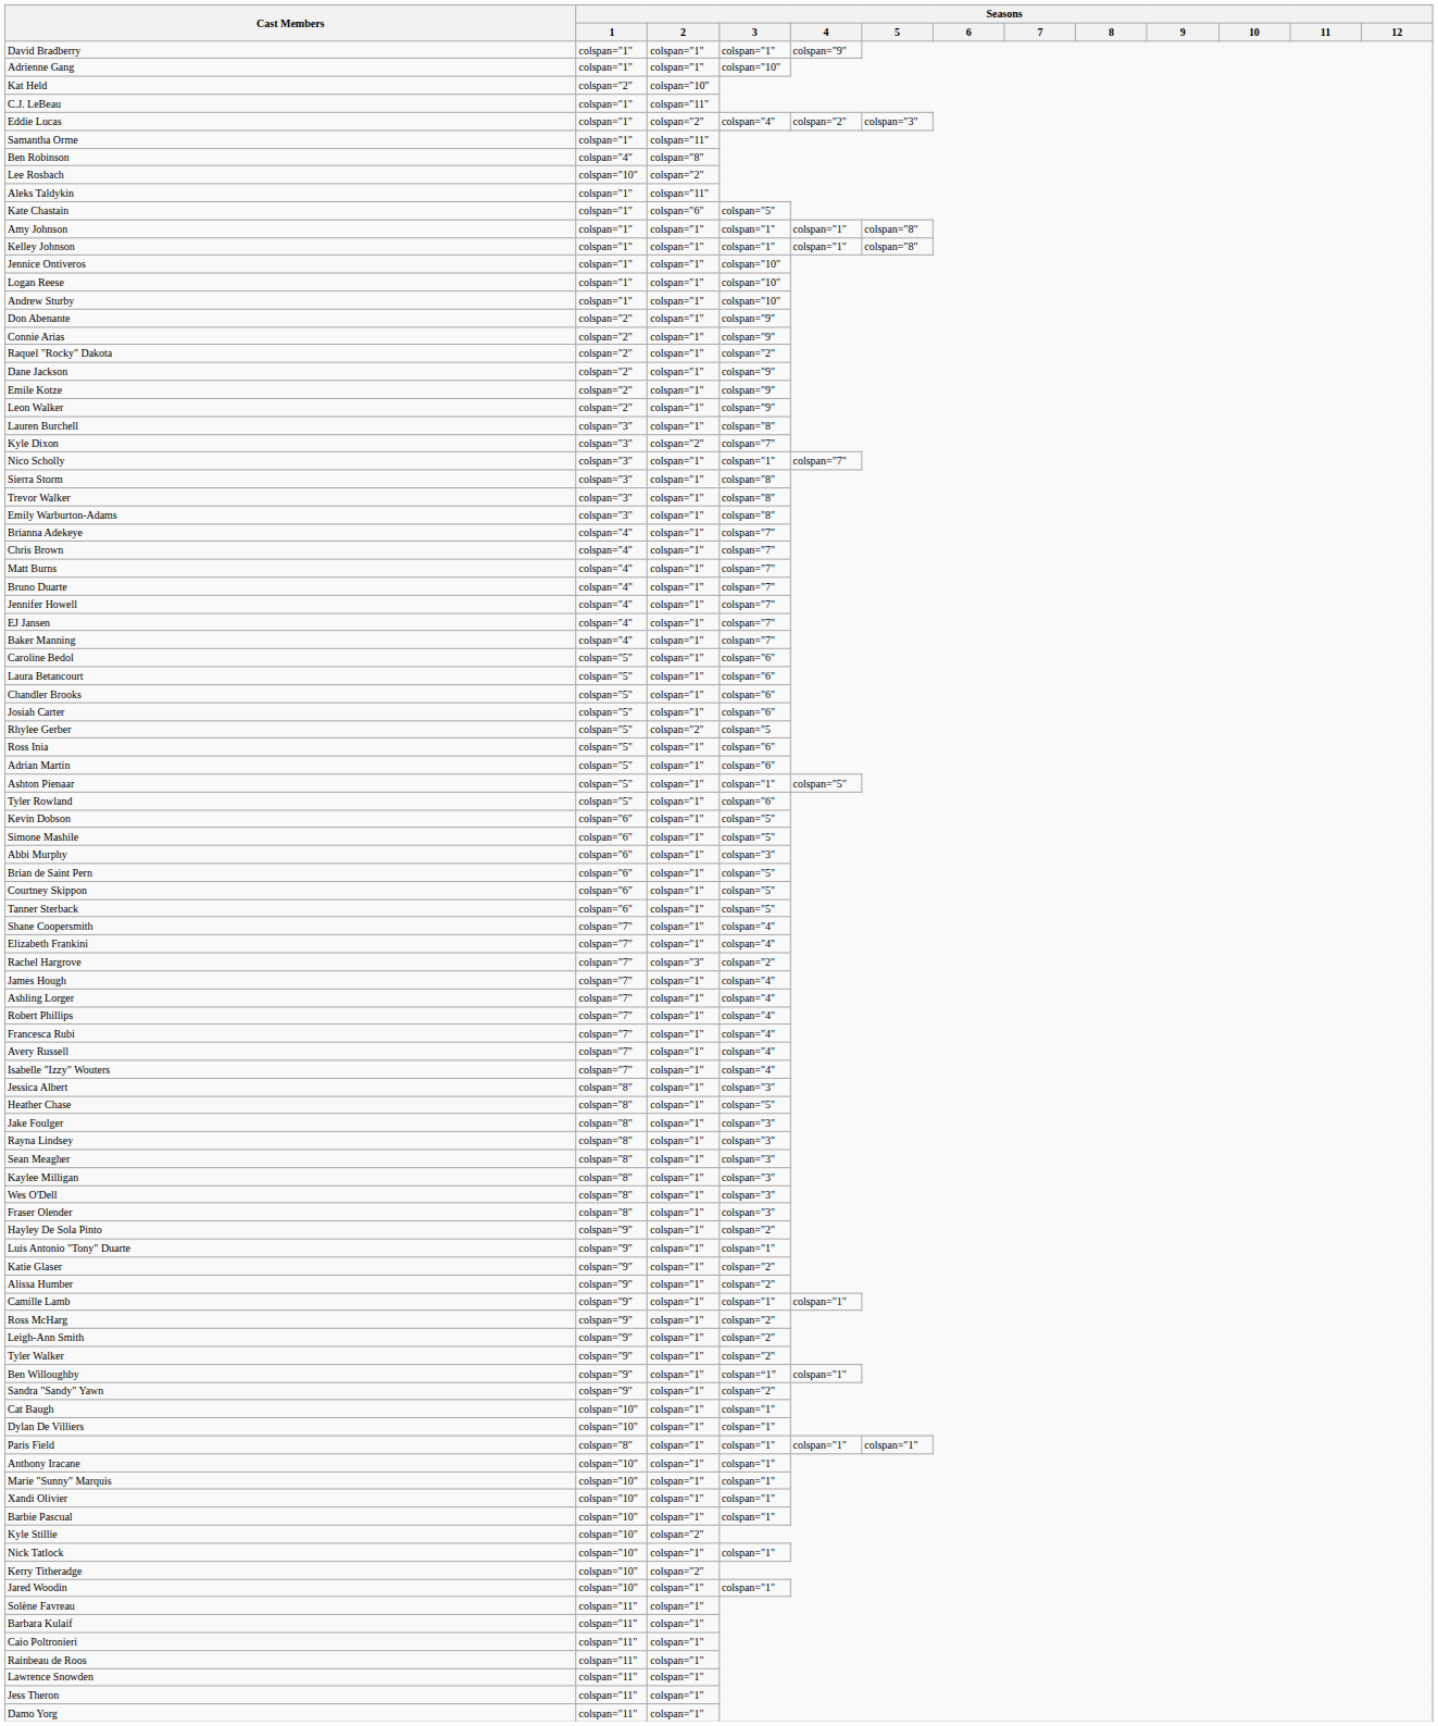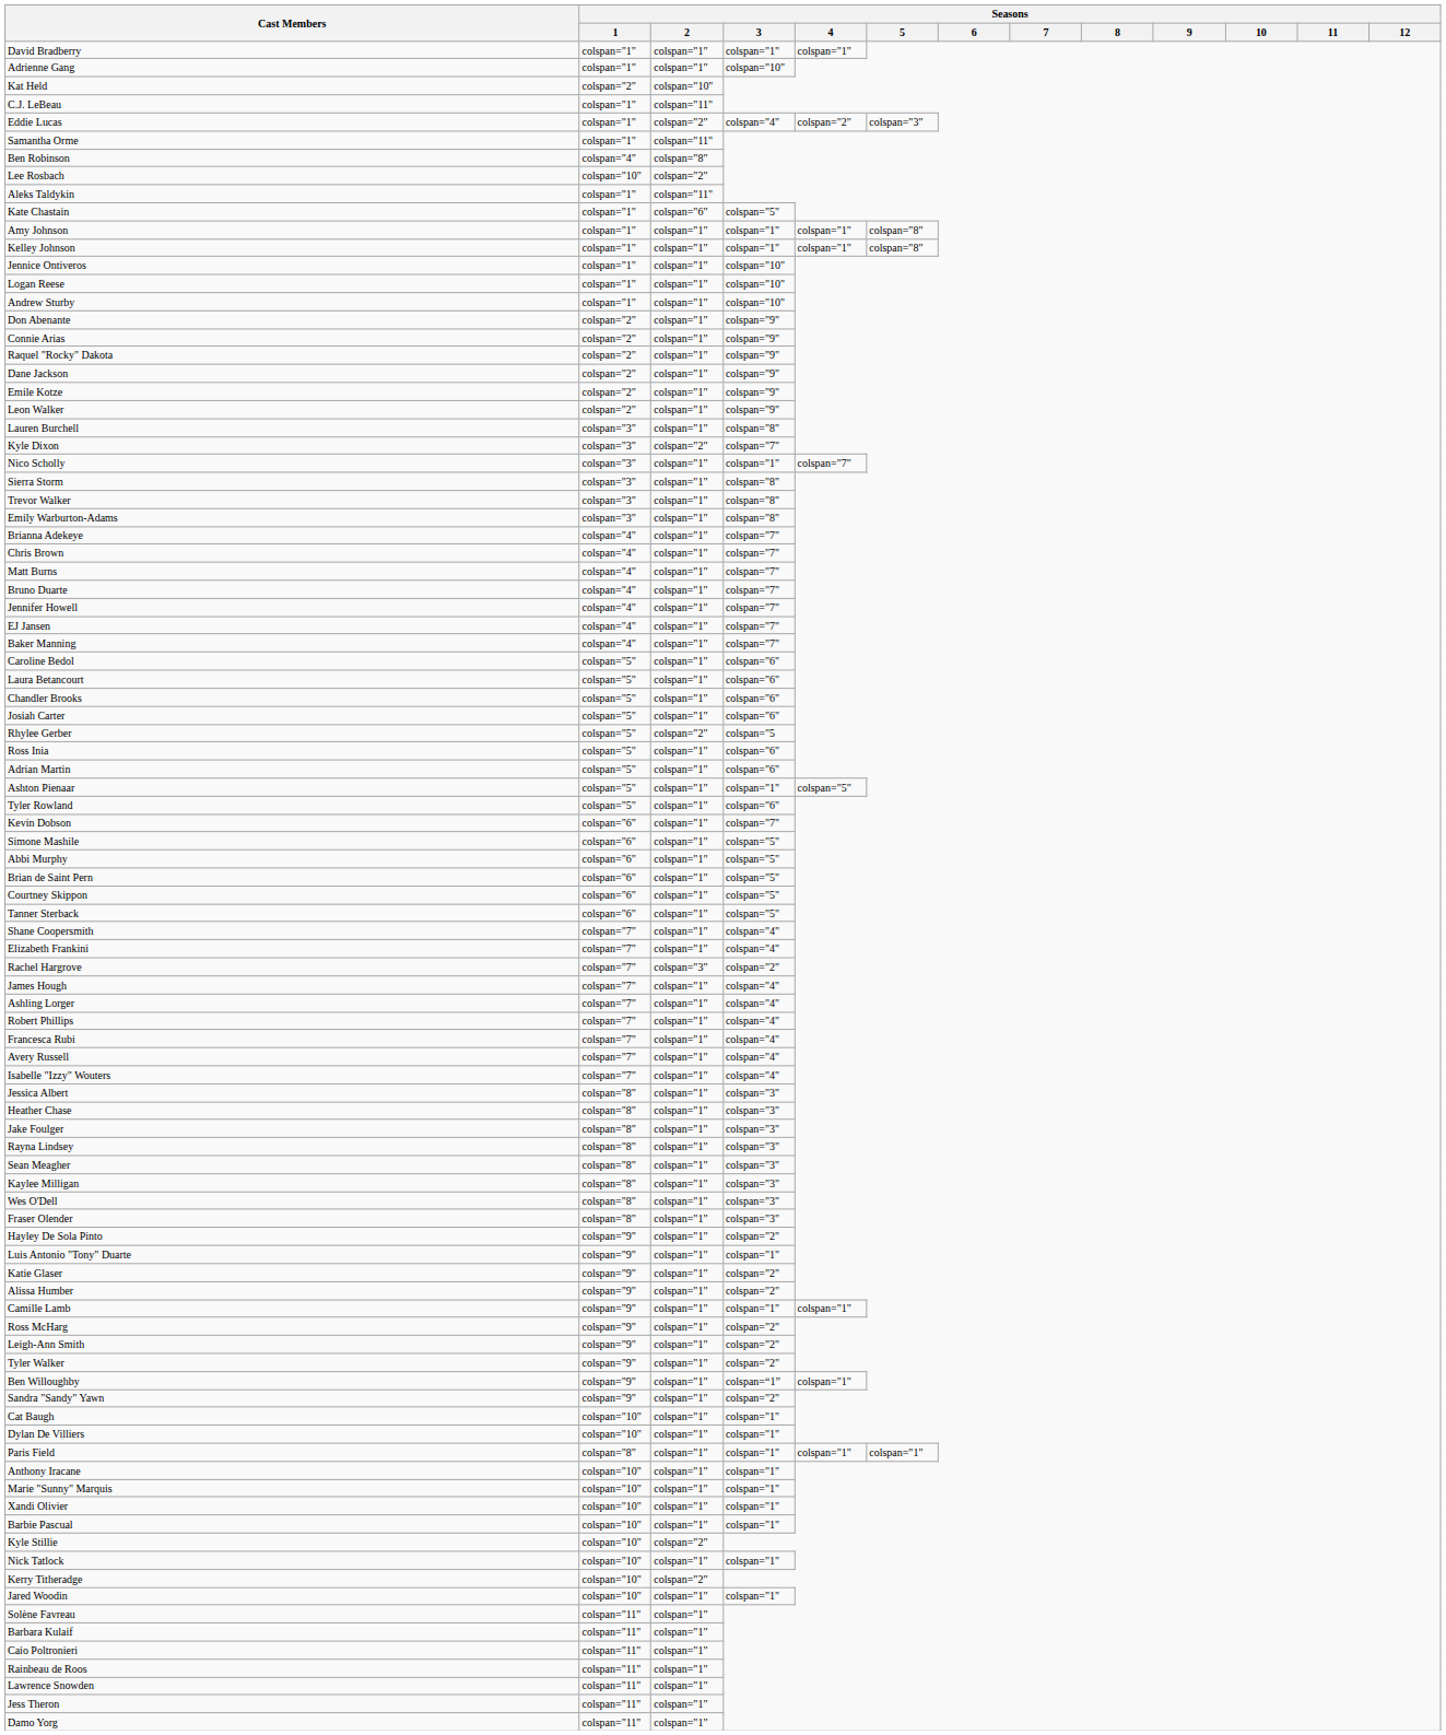 <table class="wikitable sortable" width="100%" style="font-size:60%">
 <tr>
 <th rowspan="2">Cast Members</th>
 <th colspan="12">Seasons</th>
 </tr>
 <tr>
 <th style="width:5%;">1</th>
 <th style="width:5%;">2</th>
 <th style="width:5%;">3</th>
 <th style="width:5%;">4</th>
 <th style="width:5%;">5</th>
 <th style="width:5%;">6</th>
 <th style="width:5%;">7</th>
 <th style="width:5%;">8</th>
 <th style="width:5%;">9</th>
 <th style="width:5%;">10</th>
 <th style="width:5%;">11</th>
 <th style="width:5%;">12</th>
 </tr>
 <tr>
 <td>David Bradberry</td>
 <td>colspan="1" </td>
 <td>colspan="1" </td>
 <td>colspan="1" </td>
-<td>colspan="9" </td>
+<td>colspan="1" </td>
 </tr>
 <tr>
 <td>Adrienne Gang</td>
 <td>colspan="1" </td>
 <td>colspan="1" </td>
 <td>colspan="10" </td>
 </tr>
 <tr>
 <td>Kat Held</td>
 <td>colspan="2" </td>
 <td>colspan="10" </td>
 </tr>
 <tr>
 <td>C.J. LeBeau</td>
 <td>colspan="1" </td>
 <td>colspan="11" </td>
 </tr>
 <tr>
 <td>Eddie Lucas</td>
 <td>colspan="1" </td>
 <td>colspan="2" </td>
 <td>colspan="4" </td>
 <td>colspan="2" </td>
 <td>colspan="3" </td>
 </tr>
 <tr>
 <td>Samantha Orme</td>
 <td>colspan="1" </td>
 <td>colspan="11" </td>
 </tr>
 <tr>
 <td>Ben Robinson</td>
 <td>colspan="4" </td>
 <td>colspan="8" </td>
 </tr>
 <tr>
 <td>Lee Rosbach</td>
 <td>colspan="10" </td>
 <td>colspan="2" </td>
 </tr>
 <tr>
 <td>Aleks Taldykin</td>
 <td>colspan="1" </td>
 <td>colspan="11" </td>
 </tr>
 <tr>
 <td>Kate Chastain</td>
 <td>colspan="1" </td>
 <td>colspan="6" </td>
 <td>colspan="5" </td>
 </tr>
 <tr>
 <td>Amy Johnson</td>
 <td>colspan="1" </td>
 <td>colspan="1" </td>
 <td>colspan="1" </td>
 <td>colspan="1" </td>
 <td>colspan="8" </td>
 </tr>
 <tr>
 <td>Kelley Johnson</td>
 <td>colspan="1" </td>
 <td>colspan="1" </td>
 <td>colspan="1" </td>
 <td>colspan="1" </td>
 <td>colspan="8" </td>
 </tr>
 <tr>
 <td>Jennice Ontiveros</td>
 <td>colspan="1" </td>
 <td>colspan="1" </td>
 <td>colspan="10" </td>
 </tr>
 <tr>
 <td>Logan Reese</td>
 <td>colspan="1" </td>
 <td>colspan="1" </td>
 <td>colspan="10" </td>
 </tr>
 <tr>
 <td>Andrew Sturby</td>
 <td>colspan="1" </td>
 <td>colspan="1" </td>
 <td>colspan="10" </td>
 </tr>
 <tr>
 <td>Don Abenante</td>
 <td>colspan="2" </td>
 <td>colspan="1" </td>
 <td>colspan="9" </td>
 </tr>
 <tr>
 <td>Connie Arias</td>
 <td>colspan="2" </td>
 <td>colspan="1" </td>
 <td>colspan="9" </td>
 </tr>
 <tr>
 <td>Raquel "Rocky" Dakota</td>
 <td>colspan="2" </td>
 <td>colspan="1" </td>
-<td>colspan="2" </td>
+<td>colspan="9" </td>
 </tr>
 <tr>
 <td>Dane Jackson</td>
 <td>colspan="2" </td>
 <td>colspan="1" </td>
 <td>colspan="9" </td>
 </tr>
 <tr>
 <td>Emile Kotze</td>
 <td>colspan="2" </td>
 <td>colspan="1" </td>
 <td>colspan="9" </td>
 </tr>
 <tr>
 <td>Leon Walker</td>
 <td>colspan="2" </td>
 <td>colspan="1" </td>
 <td>colspan="9" </td>
 </tr>
 <tr>
 <td>Lauren Burchell</td>
 <td>colspan="3" </td>
 <td>colspan="1" </td>
 <td>colspan="8" </td>
 </tr>
 <tr>
 <td>Kyle Dixon</td>
 <td>colspan="3" </td>
 <td>colspan="2" </td>
 <td>colspan="7" </td>
 </tr>
 <tr>
 <td>Nico Scholly</td>
 <td>colspan="3" </td>
 <td>colspan="1" </td>
 <td>colspan="1" </td>
 <td>colspan="7" </td>
 </tr>
 <tr>
 <td>Sierra Storm</td>
 <td>colspan="3" </td>
 <td>colspan="1" </td>
 <td>colspan="8" </td>
 </tr>
 <tr>
 <td>Trevor Walker</td>
 <td>colspan="3" </td>
 <td>colspan="1" </td>
 <td>colspan="8" </td>
 </tr>
 <tr>
 <td nowrap>Emily Warburton-Adams</td>
 <td>colspan="3" </td>
 <td>colspan="1" </td>
 <td>colspan="8" </td>
 </tr>
 <tr>
 <td>Brianna Adekeye</td>
 <td>colspan="4" </td>
 <td>colspan="1" </td>
 <td>colspan="7" </td>
 </tr>
 <tr>
 <td>Chris Brown</td>
 <td>colspan="4" </td>
 <td>colspan="1" </td>
 <td>colspan="7" </td>
 </tr>
 <tr>
 <td>Matt Burns</td>
 <td>colspan="4" </td>
 <td>colspan="1" </td>
 <td>colspan="7" </td>
 </tr>
 <tr>
 <td>Bruno Duarte</td>
 <td>colspan="4" </td>
 <td>colspan="1" </td>
 <td>colspan="7" </td>
 </tr>
 <tr>
 <td>Jennifer Howell</td>
 <td>colspan="4" </td>
 <td>colspan="1" </td>
 <td>colspan="7" </td>
 </tr>
 <tr>
 <td>EJ Jansen</td>
 <td>colspan="4" </td>
 <td>colspan="1" </td>
 <td>colspan="7" </td>
 </tr>
 <tr>
 <td>Baker Manning</td>
 <td>colspan="4" </td>
 <td>colspan="1" </td>
 <td>colspan="7" </td>
 </tr>
 <tr>
 <td>Caroline Bedol</td>
 <td>colspan="5" </td>
 <td>colspan="1" </td>
 <td>colspan="6" </td>
 </tr>
 <tr>
 <td>Laura Betancourt</td>
 <td>colspan="5" </td>
 <td>colspan="1" </td>
 <td>colspan="6" </td>
 </tr>
 <tr>
 <td>Chandler Brooks</td>
 <td>colspan="5" </td>
 <td>colspan="1" </td>
 <td>colspan="6" </td>
 </tr>
 <tr>
 <td>Josiah Carter</td>
 <td>colspan="5" </td>
 <td>colspan="1" </td>
 <td>colspan="6" </td>
 </tr>
 <tr>
 <td>Rhylee Gerber</td>
 <td>colspan="5" </td>
 <td>colspan="2" </td>
 <td>colspan="5 </td>
 </tr>
 <tr>
 <td>Ross Inia</td>
 <td>colspan="5" </td>
 <td>colspan="1" </td>
 <td>colspan="6" </td>
 </tr>
 <tr>
 <td>Adrian Martin</td>
 <td>colspan="5" </td>
 <td>colspan="1" </td>
 <td>colspan="6" </td>
 </tr>
 <tr>
 <td>Ashton Pienaar</td>
 <td>colspan="5" </td>
 <td>colspan="1" </td>
 <td>colspan="1" </td>
 <td>colspan="5" </td>
 </tr>
 <tr>
 <td>Tyler Rowland</td>
 <td>colspan="5" </td>
 <td>colspan="1" </td>
 <td>colspan="6" </td>
 </tr>
 <tr>
 <td>Kevin Dobson</td>
 <td>colspan="6" </td>
 <td>colspan="1" </td>
-<td>colspan="5" </td>
+<td>colspan="7" </td>
 </tr>
 <tr>
 <td>Simone Mashile</td>
 <td>colspan="6" </td>
 <td>colspan="1" </td>
 <td>colspan="5" </td>
 </tr>
 <tr>
 <td>Abbi Murphy</td>
 <td>colspan="6" </td>
 <td>colspan="1" </td>
-<td>colspan="3" </td>
+<td>colspan="5" </td>
 </tr>
 <tr>
 <td>Brian de Saint Pern</td>
 <td>colspan="6" </td>
 <td>colspan="1" </td>
 <td>colspan="5" </td>
 </tr>
 <tr>
 <td>Courtney Skippon</td>
 <td>colspan="6" </td>
 <td>colspan="1" </td>
 <td>colspan="5" </td>
 </tr>
 <tr>
 <td>Tanner Sterback</td>
 <td>colspan="6" </td>
 <td>colspan="1" </td>
 <td>colspan="5" </td>
 </tr>
 <tr>
 <td>Shane Coopersmith</td>
 <td>colspan="7" </td>
 <td>colspan="1" </td>
 <td>colspan="4" </td>
 </tr>
 <tr>
 <td>Elizabeth Frankini</td>
 <td>colspan="7" </td>
 <td>colspan="1" </td>
 <td>colspan="4" </td>
 </tr>
 <tr>
 <td>Rachel Hargrove</td>
 <td>colspan="7" </td>
 <td>colspan="3" </td>
 <td>colspan="2" </td>
 </tr>
 <tr>
 <td>James Hough</td>
 <td>colspan="7" </td>
 <td>colspan="1" </td>
 <td>colspan="4" </td>
 </tr>
 <tr>
 <td>Ashling Lorger</td>
 <td>colspan="7" </td>
 <td>colspan="1" </td>
 <td>colspan="4" </td>
 </tr>
 <tr>
 <td>Robert Phillips</td>
 <td>colspan="7" </td>
 <td>colspan="1" </td>
 <td>colspan="4" </td>
 </tr>
 <tr>
 <td>Francesca Rubi</td>
 <td>colspan="7" </td>
 <td>colspan="1" </td>
 <td>colspan="4" </td>
 </tr>
 <tr>
 <td>Avery Russell</td>
 <td>colspan="7" </td>
 <td>colspan="1" </td>
 <td>colspan="4" </td>
 </tr>
 <tr>
 <td>Isabelle "Izzy" Wouters</td>
 <td>colspan="7" </td>
 <td>colspan="1" </td>
 <td>colspan="4" </td>
 </tr>
 <tr>
 <td>Jessica Albert</td>
 <td>colspan="8" </td>
 <td>colspan="1" </td>
 <td>colspan="3" </td>
 </tr>
 <tr>
 <td>Heather Chase</td>
 <td>colspan="8" </td>
 <td>colspan="1" </td>
-<td>colspan="5" </td>
+<td>colspan="3" </td>
 </tr>
 <tr>
 <td>Jake Foulger</td>
 <td>colspan="8" </td>
 <td>colspan="1" </td>
 <td>colspan="3" </td>
 </tr>
 <tr>
 <td>Rayna Lindsey</td>
 <td>colspan="8" </td>
 <td>colspan="1" </td>
 <td>colspan="3" </td>
 </tr>
 <tr>
 <td>Sean Meagher</td>
 <td>colspan="8" </td>
 <td>colspan="1" </td>
 <td>colspan="3" </td>
 </tr>
 <tr>
 <td>Kaylee Milligan</td>
 <td>colspan="8" </td>
 <td>colspan="1" </td>
 <td>colspan="3" </td>
 </tr>
 <tr>
 <td>Wes O'Dell</td>
 <td>colspan="8" </td>
 <td>colspan="1" </td>
 <td>colspan="3" </td>
 </tr>
 <tr>
 <td>Fraser Olender</td>
 <td>colspan="8" </td>
 <td>colspan="1" </td>
 <td>colspan="3" </td>
 </tr>
 <tr>
 <td>Hayley De Sola Pinto</td>
 <td>colspan="9" </td>
 <td>colspan="1" </td>
 <td>colspan="2" </td>
 </tr>
 <tr>
 <td>Luis Antonio "Tony" Duarte</td>
 <td>colspan="9" </td>
 <td>colspan="1" </td>
 <td>colspan="1" </td>
 </tr>
 <tr>
 <td>Katie Glaser</td>
 <td>colspan="9" </td>
 <td>colspan="1" </td>
 <td>colspan="2" </td>
 </tr>
 <tr>
 <td>Alissa Humber</td>
 <td>colspan="9" </td>
 <td>colspan="1" </td>
 <td>colspan="2" </td>
 </tr>
 <tr>
 <td>Camille Lamb</td>
 <td>colspan="9" </td>
 <td>colspan="1" </td>
 <td>colspan="1" </td>
 <td>colspan="1" </td>
 </tr>
 <tr>
 <td>Ross McHarg</td>
 <td>colspan="9" </td>
 <td>colspan="1" </td>
 <td>colspan="2" </td>
 </tr>
 <tr>
 <td>Leigh-Ann Smith</td>
 <td>colspan="9" </td>
 <td>colspan="1" </td>
 <td>colspan="2" </td>
 </tr>
 <tr>
 <td>Tyler Walker</td>
 <td>colspan="9" </td>
 <td>colspan="1"</td>
 <td>colspan="2" </td>
 </tr>
 <tr>
 <td>Ben Willoughby</td>
 <td>colspan="9" </td>
 <td>colspan="1"</td>
 <td>colspan=“1” </td>
 <td>colspan="1" </td>
 </tr>
 <tr>
 <td>Sandra "Sandy" Yawn</td>
 <td>colspan="9" </td>
 <td>colspan="1" </td>
 <td>colspan="2" </td>
 </tr>
 <tr>
 <td>Cat Baugh</td>
 <td>colspan="10" </td>
 <td>colspan="1" </td>
 <td>colspan="1" </td>
 </tr>
 <tr>
 <td>Dylan De Villiers</td>
 <td>colspan="10" </td>
 <td>colspan="1" </td>
 <td>colspan="1" </td>
 </tr>
 <tr>
 <td>Paris Field</td>
 <td>colspan="8" </td>
 <td>colspan="1" </td>
 <td>colspan="1" </td>
 <td>colspan="1" </td>
 <td>colspan="1" </td>
 </tr>
 <tr>
 <td>Anthony Iracane</td>
 <td>colspan="10" </td>
 <td>colspan="1" </td>
 <td>colspan="1" </td>
 </tr>
 <tr>
 <td>Marie "Sunny" Marquis</td>
 <td>colspan="10" </td>
 <td>colspan="1" </td>
 <td>colspan="1" </td>
 </tr>
 <tr>
 <td>Xandi Olivier</td>
 <td>colspan="10" </td>
 <td>colspan="1" </td>
 <td>colspan="1" </td>
 </tr>
 <tr>
 <td>Barbie Pascual</td>
 <td>colspan="10" </td>
 <td>colspan="1" </td>
 <td>colspan="1" </td>
 </tr>
 <tr>
 <td>Kyle Stillie</td>
 <td>colspan="10" </td>
 <td>colspan="2" </td>
 </tr>
 <tr>
 <td>Nick Tatlock</td>
 <td>colspan="10" </td>
 <td>colspan="1" </td>
 <td>colspan="1" </td>
 </tr>
 <tr>
 <td>Kerry Titheradge</td>
 <td>colspan="10" </td>
 <td>colspan="2" </td>
 </tr>
 <tr>
 <td>Jared Woodin</td>
 <td>colspan="10" </td>
 <td>colspan="1" </td>
 <td>colspan="1" </td>
 </tr>
 <tr>
 <td>Solène Favreau</td>
 <td>colspan="11" </td>
 <td>colspan="1" </td>
 </tr>
 <tr>
 <td>Barbara Kulaif</td>
 <td>colspan="11" </td>
 <td>colspan="1" </td>
 </tr>
 <tr>
 <td>Caio Poltronieri</td>
 <td>colspan="11" </td>
 <td>colspan="1" </td>
 </tr>
 <tr>
 <td>Rainbeau de Roos</td>
 <td>colspan="11" </td>
 <td>colspan="1" </td>
 </tr>
 <tr>
 <td>Lawrence Snowden</td>
 <td>colspan="11" </td>
 <td>colspan="1" </td>
 </tr>
 <tr>
 <td>Jess Theron</td>
 <td>colspan="11" </td>
 <td>colspan="1" </td>
 </tr>
 <tr>
 <td>Damo Yorg</td>
 <td>colspan="11" </td>
 <td>colspan="1" </td>
 </tr>
 </table>
